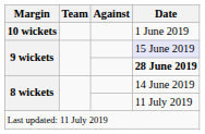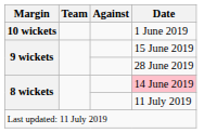 <table class="wikitable sortable">
 <tr>
 <th data-sort-type=number>Margin</th>
 <th>Team</th>
 <th>Against</th>
 <th data-sort-type=date>Date</th>
 </tr>
 <tr>
 <th>10 wickets</th>
 <td></td>
 <td></td>
 <td>1 June 2019</td>
 </tr>
 <tr>
 <th rowspan=2>9 wickets</th>
 <td rowspan=2></td>
 <td></td>
-<td style="background: lavender;">15 June 2019</td>
+<td>15 June 2019</td>
 </tr>
 <tr>
 <td></td>
-<td><strong>28 June 2019</strong></td>
+<td>28 June 2019</td>
 </tr>
 <tr>
 <th rowspan=2>8 wickets</th>
 <td rowspan=2></td>
 <td></td>
-<td>14 June 2019</td>
+<td style="background: pink;">14 June 2019</td>
 </tr>
 <tr>
 <td></td>
 <td>11 July 2019</td>
 </tr>
 <tr class="sortbottom">
 <td colspan="4"><small>Last updated: 11 July 2019</small></td>
 </tr>
 </table>
